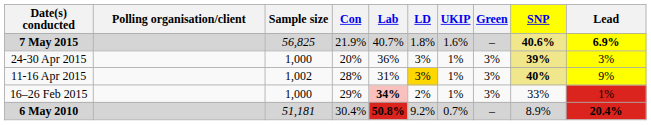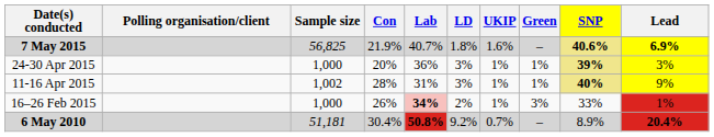 <table class="wikitable sortable" style="text-align:center;font-size:90%;line-height:14px">
 <tr>
 <th ! style="width:100px;">Date(s)<br>conducted</th>
 <th style="width:200px;">Polling organisation/client</th>
 <th class="unsortable" style="width:75px;">Sample size</th>
 <th class="unsortable" style="background:"><a href='#'><span>Con</span></a></th>
 <th class="unsortable" style="background:"><a href='#'><span>Lab</span></a></th>
 <th class="unsortable" style="background:"><a href='#'><span>LD</span></a></th>
 <th class="unsortable" style="background:"><a href='#'><span>UKIP</span></a></th>
 <th class="unsortable" style="background:"><a href='#'><span>Green</span></a></th>
 <th class="unsortable" style="background:#ffff00; width:60px;"><a href='#'><span>SNP</span></a></th>
 <th class="unsortable" style="width:90px;">Lead</th>
 </tr>
 <tr>
 <td style="background:#D5D5D5"><strong>7 May 2015</strong></td>
 <td style="background:#D5D5D5"></td>
 <td style="background:#D5D5D5"><em>56,825</em></td>
 <td style="background:#D5D5D5">21.9%</td>
 <td style="background:#D5D5D5">40.7%</td>
 <td style="background:#D5D5D5">1.8%</td>
 <td style="background:#D5D5D5">1.6%</td>
 <td style="background:#D5D5D5">–</td>
 <td style="background:khaki"><strong>40.6%</strong></td>
 <td style="background:#ff0"><strong>6.9% </strong></td>
 </tr>
 <tr>
 <td>24-30 Apr 2015</td>
 <td> </td>
 <td>1,000</td>
 <td>20%</td>
 <td>36%</td>
 <td>3%</td>
 <td>1%</td>
-<td>3%</td>
+<td>1%</td>
 <td style="background:khaki"><strong>39%</strong></td>
 <td style="background:#ff0"><span>3% </span></td>
 </tr>
 <tr>
 <td>11-16 Apr 2015</td>
 <td> </td>
 <td>1,002</td>
 <td>28%</td>
 <td>31%</td>
-<td style="background: gold;">3%</td>
+<td>3%</td>
 <td>1%</td>
-<td>3%</td>
+<td>1%</td>
 <td style="background:khaki"><strong>40%</strong></td>
 <td style="background:#ff0"><span>9% </span></td>
 </tr>
 <tr>
 <td>16–26 Feb 2015</td>
 <td> </td>
 <td>1,000</td>
-<td>29%</td>
+<td>26%</td>
 <td style="background:#F8C1BE"><strong>34%</strong></td>
 <td>2%</td>
 <td>1%</td>
 <td>3%</td>
 <td>33%</td>
 <td style="background:#dc241f"><span>1% </span></td>
 </tr>
 <tr>
 <td style="background:#D5D5D5"><strong>6 May 2010</strong></td>
 <td style="background:#D5D5D5"></td>
 <td style="background:#D5D5D5"><em>51,181</em></td>
 <td style="background:#D5D5D5">30.4%</td>
 <td style="background:#dc241f"><span><strong>50.8%</strong></span></td>
 <td style="background:#D5D5D5">9.2%</td>
 <td style="background:#D5D5D5">0.7%</td>
 <td style="background:#D5D5D5">–</td>
 <td style="background:#D5D5D5">8.9%</td>
 <td style="background:#dc241f"><span><strong>20.4% </strong></span></td>
 </tr>
 </table>
